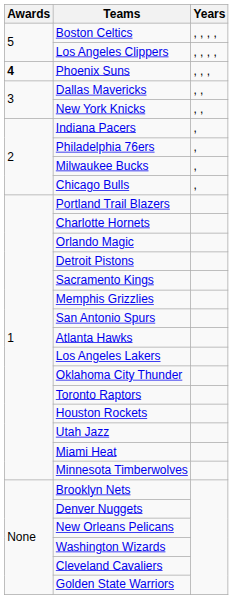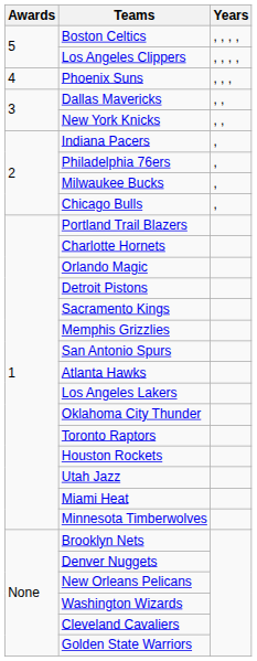 <table class="wikitable">
 <tr>
 <th>Awards</th>
 <th>Teams</th>
 <th>Years</th>
 </tr>
 <tr>
 <td rowspan=2>5</td>
 <td><a href='#'>Boston Celtics</a></td>
 <td>, , , , </td>
 </tr>
 <tr>
 <td><a href='#'>Los Angeles Clippers</a></td>
 <td>, , , , </td>
 </tr>
 <tr>
-<td><strong>4</strong></td>
+<td>4</td>
 <td><a href='#'>Phoenix Suns</a></td>
 <td>, , , </td>
 </tr>
 <tr>
 <td rowspan=2>3</td>
 <td><a href='#'>Dallas Mavericks</a></td>
 <td>, , </td>
 </tr>
 <tr>
 <td><a href='#'>New York Knicks</a></td>
 <td>, , </td>
 </tr>
 <tr>
 <td rowspan=4>2</td>
 <td><a href='#'>Indiana Pacers</a></td>
 <td>, </td>
 </tr>
 <tr>
 <td><a href='#'>Philadelphia 76ers</a></td>
 <td>, </td>
 </tr>
 <tr>
 <td><a href='#'>Milwaukee Bucks</a></td>
 <td>, </td>
 </tr>
 <tr>
 <td><a href='#'>Chicago Bulls</a></td>
 <td>, </td>
 </tr>
 <tr>
 <td rowspan=15>1</td>
 <td><a href='#'>Portland Trail Blazers</a></td>
 <td></td>
 </tr>
 <tr>
 <td><a href='#'>Charlotte Hornets</a></td>
 <td></td>
 </tr>
 <tr>
 <td><a href='#'>Orlando Magic</a></td>
 <td></td>
 </tr>
 <tr>
 <td><a href='#'>Detroit Pistons</a></td>
 <td></td>
 </tr>
 <tr>
 <td><a href='#'>Sacramento Kings</a></td>
 <td></td>
 </tr>
 <tr>
 <td><a href='#'>Memphis Grizzlies</a></td>
 <td></td>
 </tr>
 <tr>
 <td><a href='#'>San Antonio Spurs</a></td>
 <td></td>
 </tr>
 <tr>
 <td><a href='#'>Atlanta Hawks</a></td>
 <td></td>
 </tr>
 <tr>
 <td><a href='#'>Los Angeles Lakers</a></td>
 <td></td>
 </tr>
 <tr>
 <td><a href='#'>Oklahoma City Thunder</a></td>
 <td></td>
 </tr>
 <tr>
 <td><a href='#'>Toronto Raptors</a></td>
 <td></td>
 </tr>
 <tr>
 <td><a href='#'>Houston Rockets</a></td>
 <td></td>
 </tr>
 <tr>
 <td><a href='#'>Utah Jazz</a></td>
 <td></td>
 </tr>
 <tr>
 <td><a href='#'>Miami Heat</a></td>
 <td></td>
 </tr>
 <tr>
 <td><a href='#'>Minnesota Timberwolves</a></td>
 <td></td>
 </tr>
 <tr>
 <td rowspan="6">None</td>
 <td><a href='#'>Brooklyn Nets</a></td>
 </tr>
 <tr>
 <td><a href='#'>Denver Nuggets</a></td>
 </tr>
 <tr>
 <td><a href='#'>New Orleans Pelicans</a></td>
 </tr>
 <tr>
 <td><a href='#'>Washington Wizards</a></td>
 </tr>
 <tr>
 <td><a href='#'>Cleveland Cavaliers</a></td>
 </tr>
 <tr>
 <td><a href='#'>Golden State Warriors</a></td>
 </tr>
 </table>
